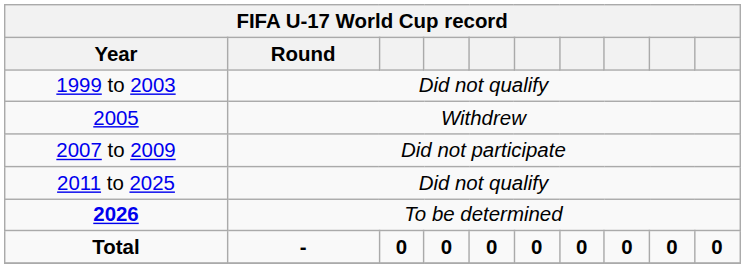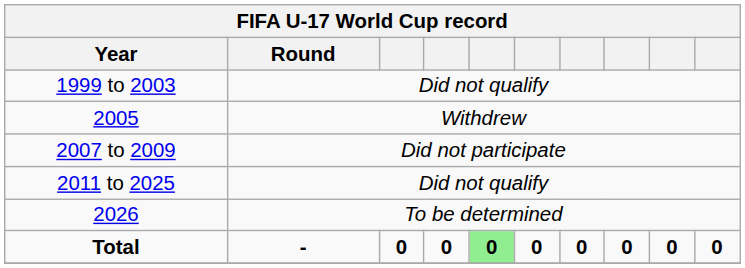 <table class="wikitable" style="text-align: center; font-size: 90%;">
 <tr>
 <th colspan=10>FIFA U-17 World Cup record</th>
 </tr>
 <tr>
 <th width=150>Year</th>
 <th width=100>Round</th>
 <th width=25></th>
 <th width=25></th>
 <th width=25></th>
 <th width=25></th>
 <th width=25></th>
 <th width=25></th>
 <th width=25></th>
 <th width=25></th>
 </tr>
 <tr>
 <td> <a href='#'>1999</a> to  <a href='#'>2003</a></td>
 <td colspan="9"><em>Did not qualify</em></td>
 </tr>
 <tr>
 <td> <a href='#'>2005</a></td>
 <td colspan="9"><em>Withdrew</em></td>
 </tr>
 <tr>
 <td> <a href='#'>2007</a> to  <a href='#'>2009</a></td>
 <td colspan="9"><em>Did not participate</em></td>
 </tr>
 <tr>
 <td> <a href='#'>2011</a> to  <a href='#'>2025</a></td>
 <td colspan="9" rowspan="1"><em>Did not qualify</em></td>
 </tr>
 <tr>
-<td><strong> <a href='#'>2026</a></strong></td>
+<td> <a href='#'>2026</a></td>
 <td colspan="9" rowspan="1"><em>To be determined</em></td>
 </tr>
 <tr>
 <td><strong>Total</strong></td>
 <td><strong>-</strong></td>
 <td><strong>0</strong></td>
 <td><strong>0</strong></td>
-<td><strong>0</strong></td>
+<td style="background: lightgreen;"><strong>0</strong></td>
 <td><strong>0</strong></td>
 <td><strong>0</strong></td>
 <td><strong>0</strong></td>
 <td><strong>0</strong></td>
 <td><strong>0</strong></td>
 </tr>
 <tr>
 </tr>
 </table>
